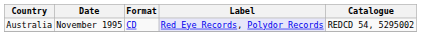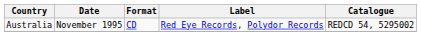 <table class="wikitable plainrowheaders">
 <tr>
 <th scope="col">Country</th>
 <th scope="col">Date</th>
 <th scope="col">Format</th>
 <th scope="col">Label</th>
 <th scope="col">Catalogue</th>
 </tr>
 <tr>
 <td rowspan="1">Australia</td>
 <td>November 1995</td>
 <td><a href='#'>CD</a></td>
-<td rowspan="1" style="background: lavender;"><a href='#'>Red Eye Records</a>, <a href='#'>Polydor Records</a></td>
+<td rowspan="1"><a href='#'>Red Eye Records</a>, <a href='#'>Polydor Records</a></td>
 <td>REDCD 54, 5295002</td>
 </tr>
 <tr>
 </tr>
 </table>
